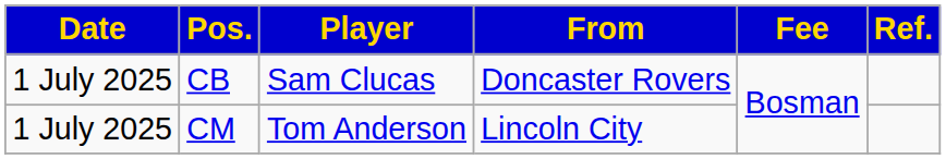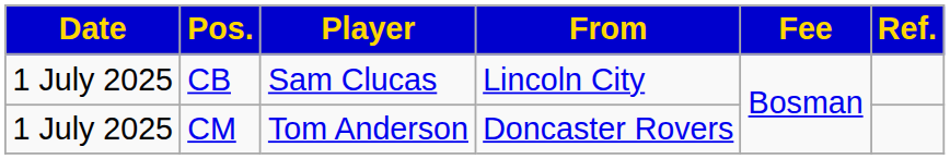 <table class="wikitable plainrowheaders sortable">
 <tr>
 <th style="background:mediumblue;color:gold;">Date</th>
 <th style="background:mediumblue;color:gold;">Pos.</th>
 <th style="background:mediumblue;color:gold;">Player</th>
 <th style="background:mediumblue;color:gold;">From</th>
 <th style="background:mediumblue;color:gold;">Fee</th>
 <th style="background:mediumblue;color:gold;">Ref.</th>
 </tr>
 <tr>
 <td>1 July 2025</td>
 <td><a href='#'>CB</a></td>
 <td> <a href='#'>Sam Clucas</a></td>
-<td> <a href='#'>Doncaster Rovers</a></td>
+<td> <a href='#'>Lincoln City</a></td>
 <td rowspan="2"><a href='#'>Bosman</a></td>
 <td></td>
 </tr>
 <tr>
 <td>1 July 2025</td>
 <td><a href='#'>CM</a></td>
 <td> <a href='#'>Tom Anderson</a></td>
-<td> <a href='#'>Lincoln City</a></td>
+<td> <a href='#'>Doncaster Rovers</a></td>
 <td></td>
 </tr>
 </table>
